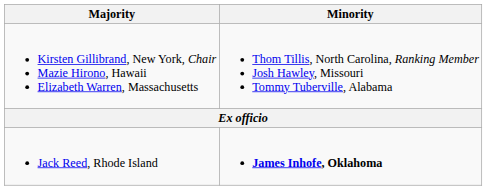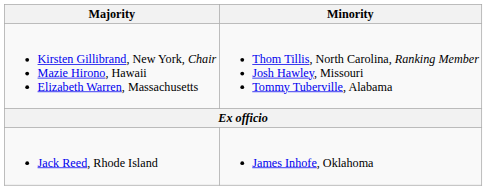 <table class=wikitable>
 <tr>
 <th>Majority</th>
 <th>Minority</th>
 </tr>
 <tr>
 <td><br><ul><li><a href='#'>Kirsten Gillibrand</a>, New York, <em>Chair</em></li><li><a href='#'>Mazie Hirono</a>, Hawaii</li><li><a href='#'>Elizabeth Warren</a>, Massachusetts</li></ul></td>
 <td><br><ul><li><a href='#'>Thom Tillis</a>, North Carolina, <em>Ranking Member</em></li><li><a href='#'>Josh Hawley</a>, Missouri</li><li><a href='#'>Tommy Tuberville</a>, Alabama</li></ul></td>
 </tr>
 <tr>
 <th colspan=2><em>Ex officio</em></th>
 </tr>
 <tr>
 <td><br><ul><li><a href='#'>Jack Reed</a>, Rhode Island</li></ul></td>
-<td><strong><br><ul><li><a href='#'>James Inhofe</a>, Oklahoma</li></ul></strong></td>
+<td><br><ul><li><a href='#'>James Inhofe</a>, Oklahoma</li></ul></td>
 </tr>
 </table>
